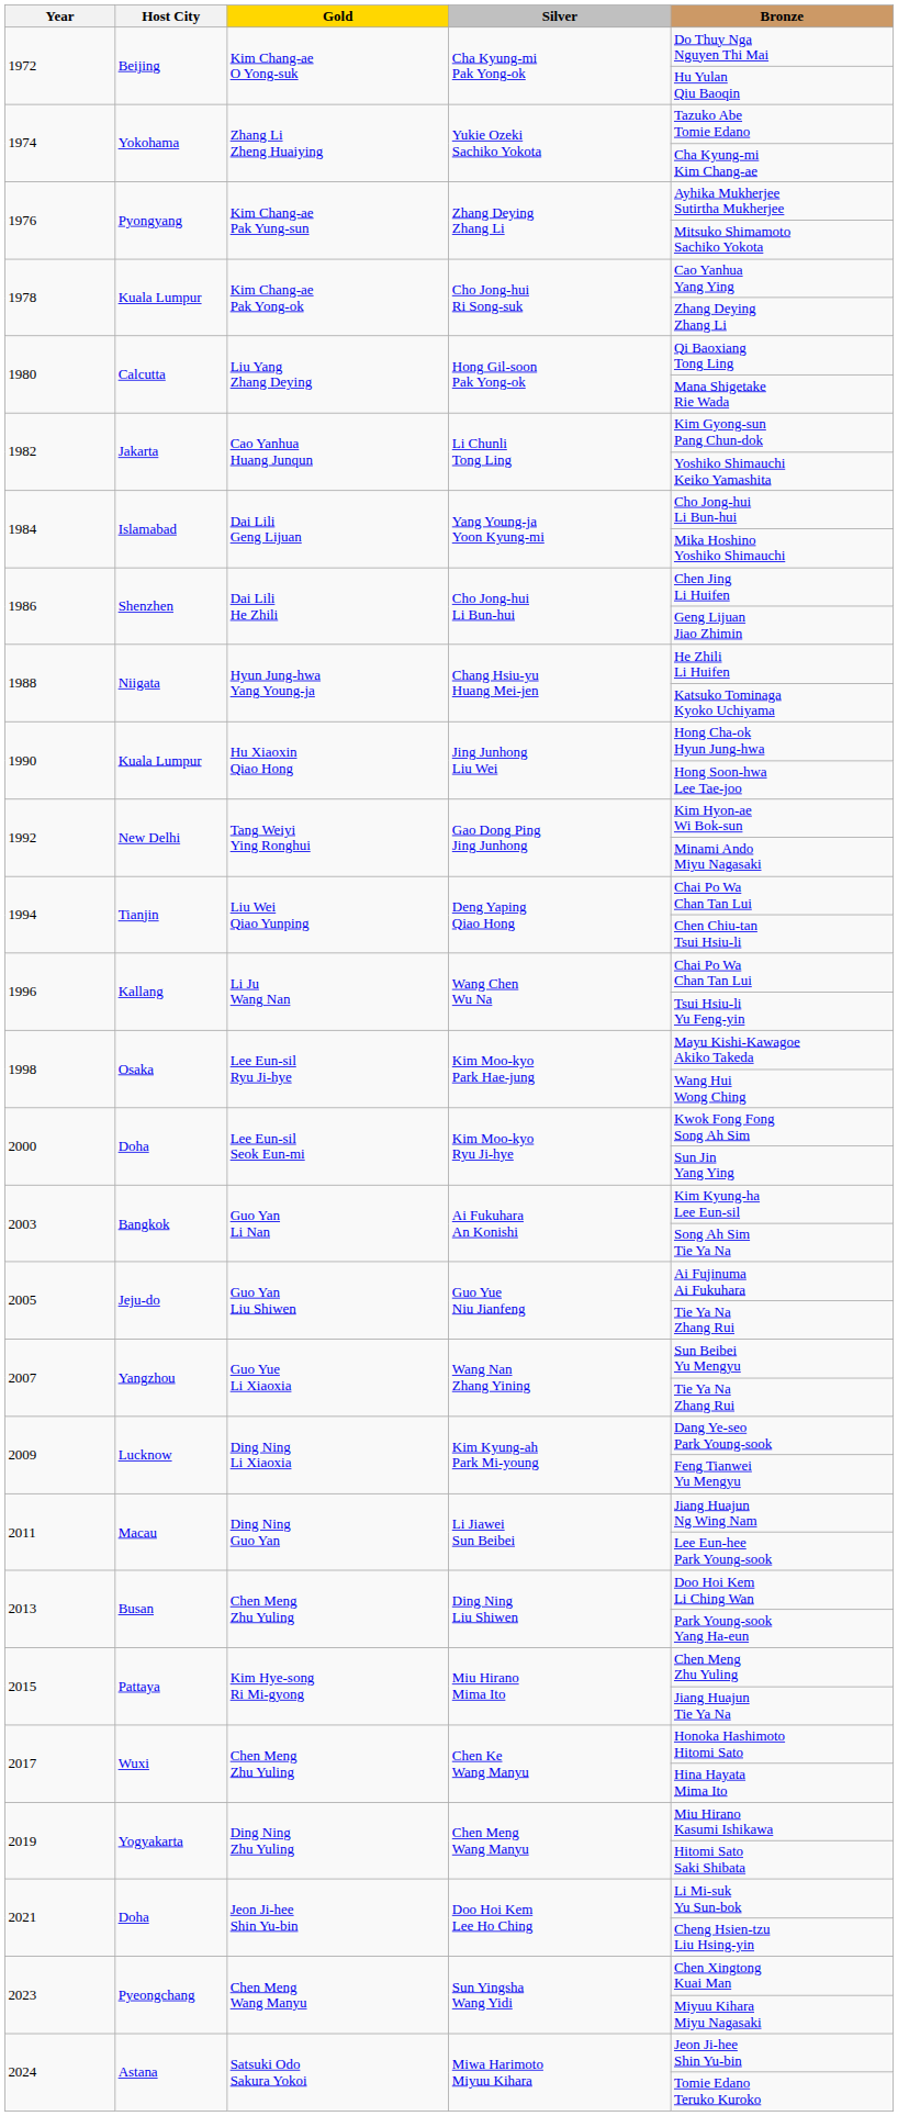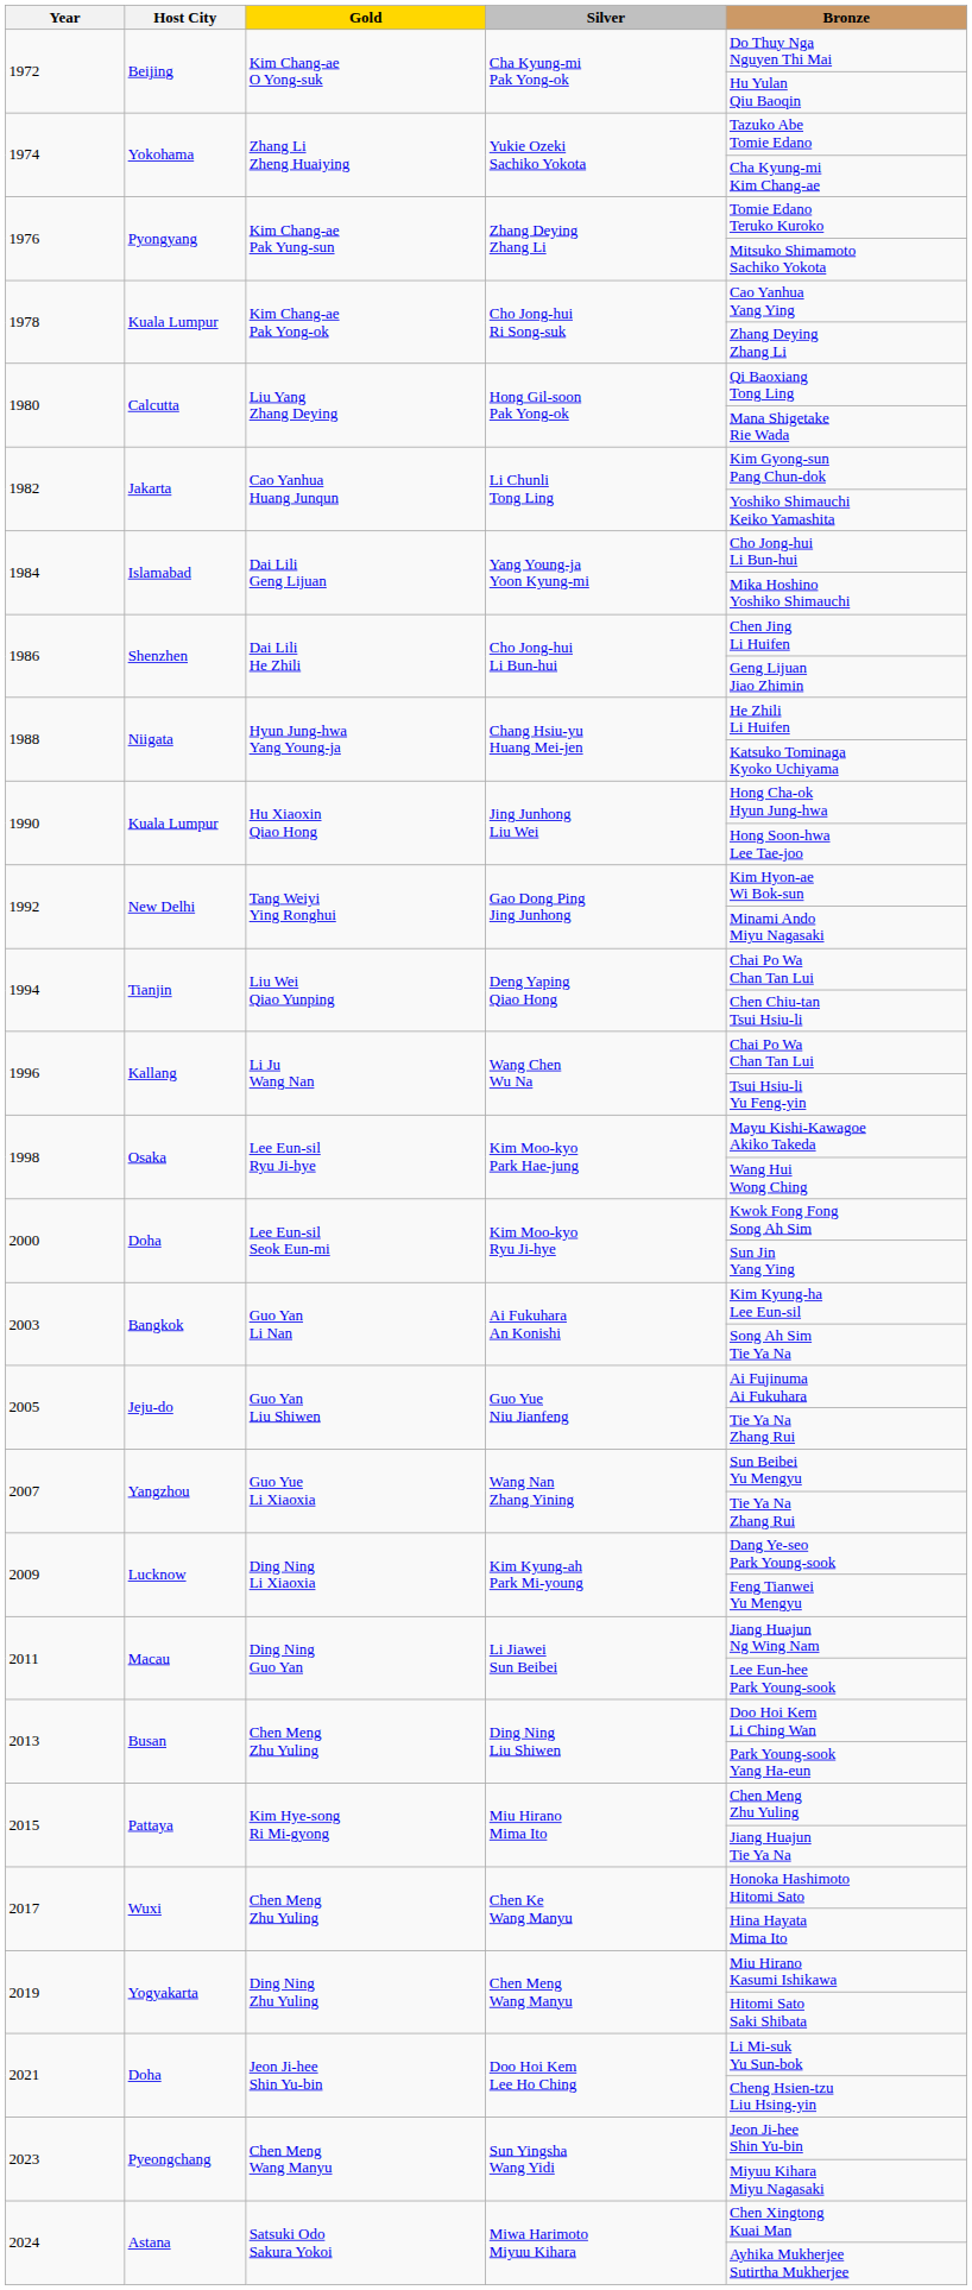 <table class="wikitable" style="text-align:left; width:1000px;">
 <tr>
 <th width="120">Year</th>
 <th width="120">Host City</th>
 <th width="250" style="background-color: gold">Gold</th>
 <th width="250" style="background-color: silver">Silver</th>
 <th width="250" style="background-color: #cc9966">Bronze</th>
 </tr>
 <tr>
 <td rowspan=2>1972</td>
 <td rowspan=2><a href='#'>Beijing</a></td>
 <td rowspan=2> <a href='#'>Kim Chang-ae</a><br> <a href='#'>O Yong-suk</a></td>
 <td rowspan=2> <a href='#'>Cha Kyung-mi</a><br> <a href='#'>Pak Yong-ok</a></td>
 <td> <a href='#'>Do Thuy Nga</a><br> <a href='#'>Nguyen Thi Mai</a></td>
 </tr>
 <tr>
 <td> <a href='#'>Hu Yulan</a><br> <a href='#'>Qiu Baoqin</a></td>
 </tr>
 <tr>
 <td rowspan=2>1974</td>
 <td rowspan=2><a href='#'>Yokohama</a></td>
 <td rowspan=2> <a href='#'>Zhang Li</a><br> <a href='#'>Zheng Huaiying</a></td>
 <td rowspan=2> <a href='#'>Yukie Ozeki</a><br> <a href='#'>Sachiko Yokota</a></td>
 <td> <a href='#'>Tazuko Abe</a><br> <a href='#'>Tomie Edano</a></td>
 </tr>
 <tr>
 <td> <a href='#'>Cha Kyung-mi</a><br> <a href='#'>Kim Chang-ae</a></td>
 </tr>
 <tr>
 <td rowspan=2>1976</td>
 <td rowspan=2><a href='#'>Pyongyang</a></td>
 <td rowspan=2> <a href='#'>Kim Chang-ae</a><br> <a href='#'>Pak Yung-sun</a></td>
 <td rowspan=2> <a href='#'>Zhang Deying</a><br> <a href='#'>Zhang Li</a></td>
-<td> <a href='#'>Ayhika Mukherjee</a><br> <a href='#'>Sutirtha Mukherjee</a></td>
+<td> <a href='#'>Tomie Edano</a><br> <a href='#'>Teruko Kuroko</a></td>
 </tr>
 <tr>
 <td> <a href='#'>Mitsuko Shimamoto</a><br> <a href='#'>Sachiko Yokota</a></td>
 </tr>
 <tr>
 <td rowspan=2>1978</td>
 <td rowspan=2><a href='#'>Kuala Lumpur</a></td>
 <td rowspan=2> <a href='#'>Kim Chang-ae</a><br> <a href='#'>Pak Yong-ok</a></td>
 <td rowspan=2> <a href='#'>Cho Jong-hui</a><br> <a href='#'>Ri Song-suk</a></td>
 <td> <a href='#'>Cao Yanhua</a><br> <a href='#'>Yang Ying</a></td>
 </tr>
 <tr>
 <td> <a href='#'>Zhang Deying</a><br> <a href='#'>Zhang Li</a></td>
 </tr>
 <tr>
 <td rowspan=2>1980</td>
 <td rowspan=2><a href='#'>Calcutta</a></td>
 <td rowspan=2> <a href='#'>Liu Yang</a><br> <a href='#'>Zhang Deying</a></td>
 <td rowspan=2> <a href='#'>Hong Gil-soon</a><br> <a href='#'>Pak Yong-ok</a></td>
 <td> <a href='#'>Qi Baoxiang</a><br> <a href='#'>Tong Ling</a></td>
 </tr>
 <tr>
 <td> <a href='#'>Mana Shigetake</a><br> <a href='#'>Rie Wada</a></td>
 </tr>
 <tr>
 <td rowspan=2>1982</td>
 <td rowspan=2><a href='#'>Jakarta</a></td>
 <td rowspan=2> <a href='#'>Cao Yanhua</a><br> <a href='#'>Huang Junqun</a></td>
 <td rowspan=2> <a href='#'>Li Chunli</a><br> <a href='#'>Tong Ling</a></td>
 <td> <a href='#'>Kim Gyong-sun</a><br> <a href='#'>Pang Chun-dok</a></td>
 </tr>
 <tr>
 <td> <a href='#'>Yoshiko Shimauchi</a><br> <a href='#'>Keiko Yamashita</a></td>
 </tr>
 <tr>
 <td rowspan=2>1984</td>
 <td rowspan=2><a href='#'>Islamabad</a></td>
 <td rowspan=2> <a href='#'>Dai Lili</a><br> <a href='#'>Geng Lijuan</a></td>
 <td rowspan=2> <a href='#'>Yang Young-ja</a><br> <a href='#'>Yoon Kyung-mi</a></td>
 <td> <a href='#'>Cho Jong-hui</a><br> <a href='#'>Li Bun-hui</a></td>
 </tr>
 <tr>
 <td> <a href='#'>Mika Hoshino</a><br> <a href='#'>Yoshiko Shimauchi</a></td>
 </tr>
 <tr>
 <td rowspan=2>1986</td>
 <td rowspan=2><a href='#'>Shenzhen</a></td>
 <td rowspan=2> <a href='#'>Dai Lili</a><br> <a href='#'>He Zhili</a></td>
 <td rowspan=2> <a href='#'>Cho Jong-hui</a><br> <a href='#'>Li Bun-hui</a></td>
 <td> <a href='#'>Chen Jing</a><br> <a href='#'>Li Huifen</a></td>
 </tr>
 <tr>
 <td> <a href='#'>Geng Lijuan</a><br> <a href='#'>Jiao Zhimin</a></td>
 </tr>
 <tr>
 <td rowspan=2>1988</td>
 <td rowspan=2><a href='#'>Niigata</a></td>
 <td rowspan=2> <a href='#'>Hyun Jung-hwa</a><br> <a href='#'>Yang Young-ja</a></td>
 <td rowspan=2> <a href='#'>Chang Hsiu-yu</a><br> <a href='#'>Huang Mei-jen</a></td>
 <td> <a href='#'>He Zhili</a><br> <a href='#'>Li Huifen</a></td>
 </tr>
 <tr>
 <td> <a href='#'>Katsuko Tominaga</a><br> <a href='#'>Kyoko Uchiyama</a></td>
 </tr>
 <tr>
 <td rowspan=2>1990</td>
 <td rowspan=2><a href='#'>Kuala Lumpur</a></td>
 <td rowspan=2> <a href='#'>Hu Xiaoxin</a><br> <a href='#'>Qiao Hong</a></td>
 <td rowspan=2> <a href='#'>Jing Junhong</a><br> <a href='#'>Liu Wei</a></td>
 <td> <a href='#'>Hong Cha-ok</a><br> <a href='#'>Hyun Jung-hwa</a></td>
 </tr>
 <tr>
 <td> <a href='#'>Hong Soon-hwa</a><br> <a href='#'>Lee Tae-joo</a></td>
 </tr>
 <tr>
 <td rowspan=2>1992</td>
 <td rowspan=2><a href='#'>New Delhi</a></td>
 <td rowspan=2> <a href='#'>Tang Weiyi</a><br> <a href='#'>Ying Ronghui</a></td>
 <td rowspan=2> <a href='#'>Gao Dong Ping</a><br> <a href='#'>Jing Junhong</a></td>
 <td> <a href='#'>Kim Hyon-ae</a><br> <a href='#'>Wi Bok-sun</a></td>
 </tr>
 <tr>
 <td> <a href='#'>Minami Ando</a><br> <a href='#'>Miyu Nagasaki</a></td>
 </tr>
 <tr>
 <td rowspan=2>1994</td>
 <td rowspan=2><a href='#'>Tianjin</a></td>
 <td rowspan=2> <a href='#'>Liu Wei</a><br> <a href='#'>Qiao Yunping</a></td>
 <td rowspan=2> <a href='#'>Deng Yaping</a><br> <a href='#'>Qiao Hong</a></td>
 <td> <a href='#'>Chai Po Wa</a><br> <a href='#'>Chan Tan Lui</a></td>
 </tr>
 <tr>
 <td> <a href='#'>Chen Chiu-tan</a><br> <a href='#'>Tsui Hsiu-li</a></td>
 </tr>
 <tr>
 <td rowspan=2>1996</td>
 <td rowspan=2><a href='#'>Kallang</a></td>
 <td rowspan=2> <a href='#'>Li Ju</a><br> <a href='#'>Wang Nan</a></td>
 <td rowspan=2> <a href='#'>Wang Chen</a><br> <a href='#'>Wu Na</a></td>
 <td> <a href='#'>Chai Po Wa</a><br> <a href='#'>Chan Tan Lui</a></td>
 </tr>
 <tr>
 <td> <a href='#'>Tsui Hsiu-li</a><br> <a href='#'>Yu Feng-yin</a></td>
 </tr>
 <tr>
 <td rowspan=2>1998</td>
 <td rowspan=2><a href='#'>Osaka</a></td>
 <td rowspan=2> <a href='#'>Lee Eun-sil</a><br> <a href='#'>Ryu Ji-hye</a></td>
 <td rowspan=2> <a href='#'>Kim Moo-kyo</a><br> <a href='#'>Park Hae-jung</a></td>
 <td> <a href='#'>Mayu Kishi-Kawagoe</a><br> <a href='#'>Akiko Takeda</a></td>
 </tr>
 <tr>
 <td> <a href='#'>Wang Hui</a><br> <a href='#'>Wong Ching</a></td>
 </tr>
 <tr>
 <td rowspan=2>2000</td>
 <td rowspan=2><a href='#'>Doha</a></td>
 <td rowspan=2> <a href='#'>Lee Eun-sil</a><br> <a href='#'>Seok Eun-mi</a></td>
 <td rowspan=2> <a href='#'>Kim Moo-kyo</a><br> <a href='#'>Ryu Ji-hye</a></td>
 <td> <a href='#'>Kwok Fong Fong</a><br> <a href='#'>Song Ah Sim</a></td>
 </tr>
 <tr>
 <td> <a href='#'>Sun Jin</a><br> <a href='#'>Yang Ying</a></td>
 </tr>
 <tr>
 <td rowspan=2>2003</td>
 <td rowspan=2><a href='#'>Bangkok</a></td>
 <td rowspan=2> <a href='#'>Guo Yan</a><br> <a href='#'>Li Nan</a></td>
 <td rowspan=2> <a href='#'>Ai Fukuhara</a><br> <a href='#'>An Konishi</a></td>
 <td> <a href='#'>Kim Kyung-ha</a><br> <a href='#'>Lee Eun-sil</a></td>
 </tr>
 <tr>
 <td> <a href='#'>Song Ah Sim</a><br> <a href='#'>Tie Ya Na</a></td>
 </tr>
 <tr>
 <td rowspan=2>2005</td>
 <td rowspan=2><a href='#'>Jeju-do</a></td>
 <td rowspan=2> <a href='#'>Guo Yan</a><br> <a href='#'>Liu Shiwen</a></td>
 <td rowspan=2> <a href='#'>Guo Yue</a><br> <a href='#'>Niu Jianfeng</a></td>
 <td> <a href='#'>Ai Fujinuma</a><br> <a href='#'>Ai Fukuhara</a></td>
 </tr>
 <tr>
 <td> <a href='#'>Tie Ya Na</a><br> <a href='#'>Zhang Rui</a></td>
 </tr>
 <tr>
 <td rowspan=2>2007</td>
 <td rowspan=2><a href='#'>Yangzhou</a></td>
 <td rowspan=2> <a href='#'>Guo Yue</a><br> <a href='#'>Li Xiaoxia</a></td>
 <td rowspan=2> <a href='#'>Wang Nan</a><br> <a href='#'>Zhang Yining</a></td>
 <td> <a href='#'>Sun Beibei</a><br> <a href='#'>Yu Mengyu</a></td>
 </tr>
 <tr>
 <td> <a href='#'>Tie Ya Na</a><br> <a href='#'>Zhang Rui</a></td>
 </tr>
 <tr>
 <td rowspan=2>2009</td>
 <td rowspan=2><a href='#'>Lucknow</a></td>
 <td rowspan=2> <a href='#'>Ding Ning</a><br> <a href='#'>Li Xiaoxia</a></td>
 <td rowspan=2> <a href='#'>Kim Kyung-ah</a><br> <a href='#'>Park Mi-young</a></td>
 <td> <a href='#'>Dang Ye-seo</a><br> <a href='#'>Park Young-sook</a></td>
 </tr>
 <tr>
 <td> <a href='#'>Feng Tianwei</a><br> <a href='#'>Yu Mengyu</a></td>
 </tr>
 <tr>
 <td rowspan=2>2011</td>
 <td rowspan=2><a href='#'>Macau</a></td>
 <td rowspan=2> <a href='#'>Ding Ning</a><br> <a href='#'>Guo Yan</a></td>
 <td rowspan=2> <a href='#'>Li Jiawei</a><br> <a href='#'>Sun Beibei</a></td>
 <td> <a href='#'>Jiang Huajun</a><br> <a href='#'>Ng Wing Nam</a></td>
 </tr>
 <tr>
 <td> <a href='#'>Lee Eun-hee</a><br> <a href='#'>Park Young-sook</a></td>
 </tr>
 <tr>
 <td rowspan=2>2013</td>
 <td rowspan=2><a href='#'>Busan</a></td>
 <td rowspan=2> <a href='#'>Chen Meng</a><br> <a href='#'>Zhu Yuling</a></td>
 <td rowspan=2> <a href='#'>Ding Ning</a><br> <a href='#'>Liu Shiwen</a></td>
 <td> <a href='#'>Doo Hoi Kem</a><br> <a href='#'>Li Ching Wan</a></td>
 </tr>
 <tr>
 <td> <a href='#'>Park Young-sook</a><br> <a href='#'>Yang Ha-eun</a></td>
 </tr>
 <tr>
 <td rowspan=2>2015</td>
 <td rowspan=2><a href='#'>Pattaya</a></td>
 <td rowspan=2> <a href='#'>Kim Hye-song</a><br> <a href='#'>Ri Mi-gyong</a></td>
 <td rowspan=2> <a href='#'>Miu Hirano</a><br> <a href='#'>Mima Ito</a></td>
 <td> <a href='#'>Chen Meng</a><br> <a href='#'>Zhu Yuling</a></td>
 </tr>
 <tr>
 <td> <a href='#'>Jiang Huajun</a><br> <a href='#'>Tie Ya Na</a></td>
 </tr>
 <tr>
 <td rowspan=2>2017</td>
 <td rowspan=2><a href='#'>Wuxi</a></td>
 <td rowspan=2> <a href='#'>Chen Meng</a><br> <a href='#'>Zhu Yuling</a></td>
 <td rowspan=2> <a href='#'>Chen Ke</a><br> <a href='#'>Wang Manyu</a></td>
 <td> <a href='#'>Honoka Hashimoto</a><br> <a href='#'>Hitomi Sato</a></td>
 </tr>
 <tr>
 <td> <a href='#'>Hina Hayata</a><br> <a href='#'>Mima Ito</a></td>
 </tr>
 <tr>
 <td rowspan=2>2019</td>
 <td rowspan=2><a href='#'>Yogyakarta</a></td>
 <td rowspan=2> <a href='#'>Ding Ning</a><br> <a href='#'>Zhu Yuling</a></td>
 <td rowspan=2> <a href='#'>Chen Meng</a><br> <a href='#'>Wang Manyu</a></td>
 <td> <a href='#'>Miu Hirano</a><br> <a href='#'>Kasumi Ishikawa</a></td>
 </tr>
 <tr>
 <td> <a href='#'>Hitomi Sato</a><br> <a href='#'>Saki Shibata</a></td>
 </tr>
 <tr>
 <td rowspan=2>2021</td>
 <td rowspan=2><a href='#'>Doha</a></td>
 <td rowspan=2> <a href='#'>Jeon Ji-hee</a><br> <a href='#'>Shin Yu-bin</a></td>
 <td rowspan=2> <a href='#'>Doo Hoi Kem</a><br> <a href='#'>Lee Ho Ching</a></td>
 <td> <a href='#'>Li Mi-suk</a><br> <a href='#'>Yu Sun-bok</a></td>
 </tr>
 <tr>
 <td> <a href='#'>Cheng Hsien-tzu</a><br> <a href='#'>Liu Hsing-yin</a></td>
 </tr>
 <tr>
 <td rowspan=2>2023</td>
 <td rowspan=2><a href='#'>Pyeongchang</a></td>
 <td rowspan=2> <a href='#'>Chen Meng</a><br> <a href='#'>Wang Manyu</a></td>
 <td rowspan=2> <a href='#'>Sun Yingsha</a><br> <a href='#'>Wang Yidi</a></td>
-<td> <a href='#'>Chen Xingtong</a><br> <a href='#'>Kuai Man</a></td>
+<td> <a href='#'>Jeon Ji-hee</a><br> <a href='#'>Shin Yu-bin</a></td>
 </tr>
 <tr>
 <td> <a href='#'>Miyuu Kihara</a><br> <a href='#'>Miyu Nagasaki</a></td>
 </tr>
 <tr>
 <td rowspan=2>2024</td>
 <td rowspan=2><a href='#'>Astana</a></td>
 <td rowspan=2> <a href='#'>Satsuki Odo</a> <br> <a href='#'>Sakura Yokoi</a></td>
 <td rowspan=2> <a href='#'>Miwa Harimoto</a><br> <a href='#'>Miyuu Kihara</a></td>
-<td> <a href='#'>Jeon Ji-hee</a><br> <a href='#'>Shin Yu-bin</a></td>
+<td> <a href='#'>Chen Xingtong</a><br> <a href='#'>Kuai Man</a></td>
 </tr>
 <tr>
-<td> <a href='#'>Tomie Edano</a><br> <a href='#'>Teruko Kuroko</a></td>
+<td> <a href='#'>Ayhika Mukherjee</a><br> <a href='#'>Sutirtha Mukherjee</a></td>
 </tr>
 </table>
